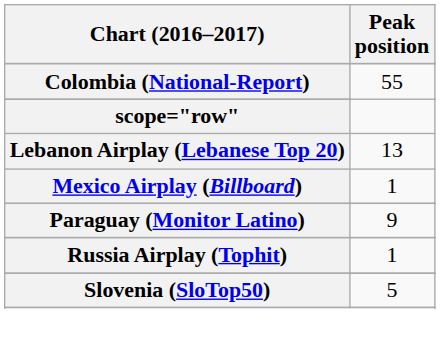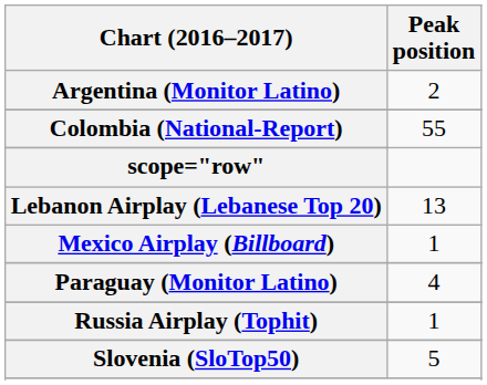 <table class="wikitable sortable plainrowheaders" style="text-align:center">
 <tr>
 <th scope="col">Chart (2016–2017)</th>
 <th scope="col">Peak<br> position</th>
+</tr>
+<tr>
+<th scope="row">Argentina (<a href='#'>Monitor Latino</a>)</th>
+<td>2</td>
 </tr>
 <tr>
 </tr>
 <tr>
 </tr>
 <tr>
 </tr>
 <tr>
 </tr>
 <tr>
 </tr>
 <tr>
 <th scope="row">Colombia (<a href='#'>National-Report</a>)</th>
 <td>55</td>
 </tr>
 <tr>
 </tr>
 <tr>
 </tr>
 <tr>
 </tr>
 <tr>
 </tr>
 <tr>
 </tr>
 <tr>
 </tr>
 <tr>
 </tr>
 <tr>
 </tr>
 <tr>
 </tr>
 <tr>
 </tr>
 <tr>
 </tr>
 <tr>
 </tr>
 <tr>
 <th>scope="row"</th>
 </tr>
 <tr>
 <th scope="row">Lebanon Airplay (<a href='#'>Lebanese Top 20</a>)</th>
 <td>13</td>
 </tr>
 <tr>
 <th scope="row"><a href='#'>Mexico Airplay</a> (<em><a href='#'>Billboard</a></em>)</th>
 <td>1</td>
 </tr>
 <tr>
 </tr>
 <tr>
 </tr>
 <tr>
 </tr>
 <tr>
 </tr>
 <tr>
 <th scope="row">Paraguay (<a href='#'>Monitor Latino</a>)</th>
-<td>9</td>
+<td>4</td>
 </tr>
 <tr>
 </tr>
 <tr>
 </tr>
 <tr>
 </tr>
 <tr>
 <th scope="row">Russia Airplay (<a href='#'>Tophit</a>)</th>
 <td>1</td>
 </tr>
 <tr>
 </tr>
 <tr>
 </tr>
 <tr>
 </tr>
 <tr>
 <th scope="row">Slovenia (<a href='#'>SloTop50</a>)</th>
 <td>5</td>
 </tr>
 <tr>
 </tr>
 <tr>
 </tr>
 <tr>
 </tr>
 <tr>
 </tr>
 <tr>
 </tr>
 <tr>
 </tr>
 <tr>
 </tr>
 <tr>
 </tr>
 <tr>
 </tr>
 <tr>
 </tr>
 </table>
